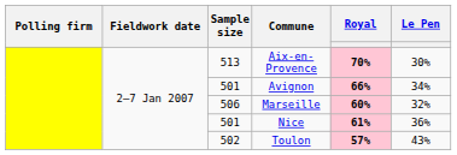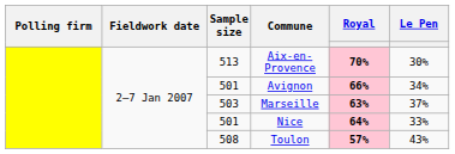 <table class="wikitable sortable" style="text-align:center;font-size:90%;line-height:14px;">
 <tr style="height:40px;">
 <th style="width:100px;" rowspan="2">Polling firm</th>
 <th style="width:110px;" rowspan="2">Fieldwork date</th>
 <th style="width:35px;" rowspan="2">Sample<br>size</th>
 <th style="width:80px;" rowspan="2">Commune</th>
 <th class="unsortable" style="width:60px;"><a href='#'>Royal</a><br></th>
 <th class="unsortable" style="width:60px;"><a href='#'>Le Pen</a><br></th>
 </tr>
 <tr>
 <th style="background:"></th>
 <th style="background:"></th>
 </tr>
 <tr>
 <td rowspan="5" style="background:yellow;"></td>
 <td rowspan="5" data-sort-value="2007-01-07">2–7 Jan 2007</td>
 <td>513</td>
 <td><a href='#'>Aix-en-Provence</a></td>
 <td style="background:#FFC6D5;"><strong>70%</strong></td>
 <td>30%</td>
 </tr>
 <tr>
 <td>501</td>
 <td><a href='#'>Avignon</a></td>
 <td style="background:#FFC6D5;"><strong>66%</strong></td>
 <td>34%</td>
 </tr>
 <tr>
-<td>506</td>
+<td>503</td>
 <td><a href='#'>Marseille</a></td>
-<td style="background:#FFC6D5;"><strong>60%</strong></td>
-<td>32%</td>
+<td style="background:#FFC6D5;"><strong>63%</strong></td>
+<td>37%</td>
 </tr>
 <tr>
 <td>501</td>
 <td><a href='#'>Nice</a></td>
-<td style="background:#FFC6D5;"><strong>61%</strong></td>
-<td>36%</td>
+<td style="background:#FFC6D5;"><strong>64%</strong></td>
+<td>33%</td>
 </tr>
 <tr>
-<td>502</td>
+<td>508</td>
 <td><a href='#'>Toulon</a></td>
 <td style="background:#FFC6D5;"><strong>57%</strong></td>
 <td>43%</td>
 </tr>
 </table>
